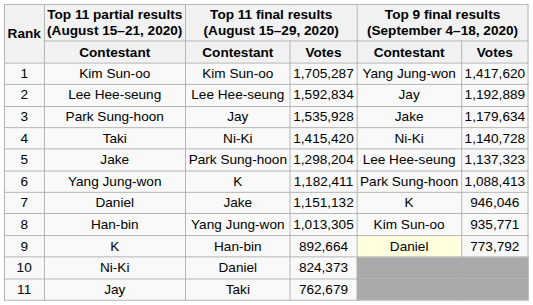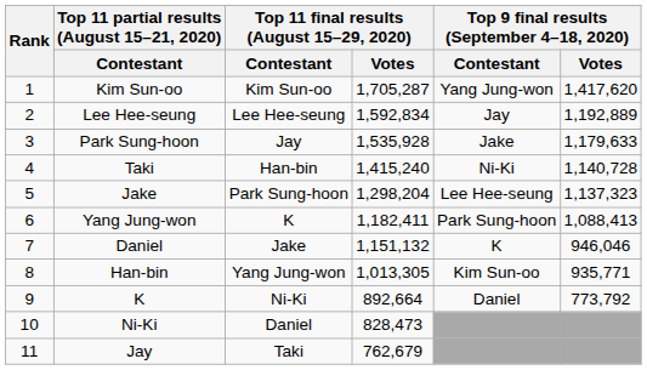 <table class="wikitable" style="text-align:center">
 <tr>
 <th rowspan="2">Rank</th>
 <th>Top 11 partial results<br>(August 15–21, 2020)</th>
 <th colspan="2">Top 11 final results<br>(August 15–29, 2020)</th>
 <th colspan="2">Top 9 final results<br>(September 4–18, 2020)</th>
 </tr>
 <tr>
 <th>Contestant</th>
 <th>Contestant</th>
 <th>Votes</th>
 <th>Contestant</th>
 <th>Votes</th>
 </tr>
 <tr>
 <td>1</td>
 <td>Kim Sun-oo</td>
 <td>Kim Sun-oo</td>
 <td>1,705,287</td>
 <td>Yang Jung-won</td>
 <td>1,417,620</td>
 </tr>
 <tr>
 <td>2</td>
 <td>Lee Hee-seung</td>
 <td>Lee Hee-seung</td>
 <td>1,592,834</td>
 <td>Jay</td>
 <td>1,192,889</td>
 </tr>
 <tr>
 <td>3</td>
 <td>Park Sung-hoon</td>
 <td>Jay</td>
 <td>1,535,928</td>
 <td>Jake</td>
-<td>1,179,634</td>
+<td>1,179,633</td>
 </tr>
 <tr>
 <td>4</td>
 <td>Taki</td>
-<td>Ni-Ki</td>
-<td>1,415,420</td>
+<td>Han-bin</td>
+<td>1,415,240</td>
 <td>Ni-Ki</td>
 <td>1,140,728</td>
 </tr>
 <tr>
 <td>5</td>
 <td>Jake</td>
 <td>Park Sung-hoon</td>
 <td>1,298,204</td>
 <td>Lee Hee-seung</td>
 <td>1,137,323</td>
 </tr>
 <tr>
 <td>6</td>
 <td>Yang Jung-won</td>
 <td>K</td>
 <td>1,182,411</td>
 <td>Park Sung-hoon</td>
 <td>1,088,413</td>
 </tr>
 <tr>
 <td>7</td>
 <td>Daniel</td>
 <td>Jake</td>
 <td>1,151,132</td>
 <td>K</td>
 <td>946,046</td>
 </tr>
 <tr>
 <td>8</td>
 <td>Han-bin</td>
 <td>Yang Jung-won</td>
 <td>1,013,305</td>
 <td>Kim Sun-oo</td>
 <td>935,771</td>
 </tr>
 <tr>
 <td>9</td>
 <td>K</td>
-<td>Han-bin</td>
+<td>Ni-Ki</td>
 <td>892,664</td>
-<td style="background: lightyellow;">Daniel</td>
+<td>Daniel</td>
 <td>773,792</td>
 </tr>
 <tr>
 <td>10</td>
 <td>Ni-Ki</td>
 <td>Daniel</td>
-<td>824,373</td>
+<td>828,473</td>
 <td style="background:darkgray;"></td>
 <td style="background:darkgray;"></td>
 </tr>
 <tr>
 <td>11</td>
 <td>Jay</td>
 <td>Taki</td>
 <td>762,679</td>
 <td style="background:darkgray;"></td>
 <td style="background:darkgray;"></td>
 </tr>
 </table>
